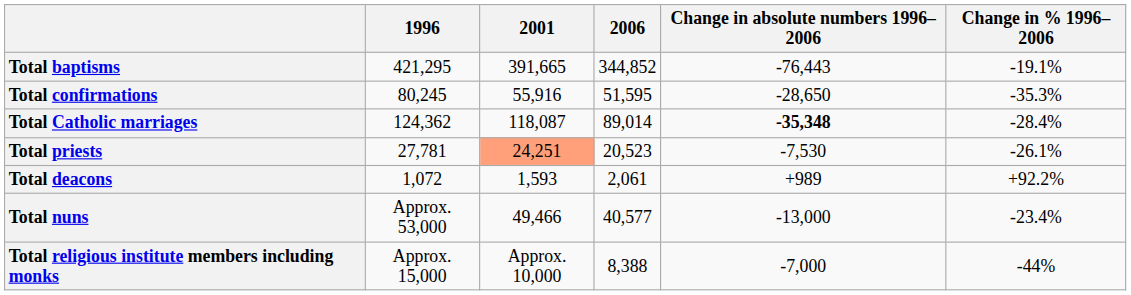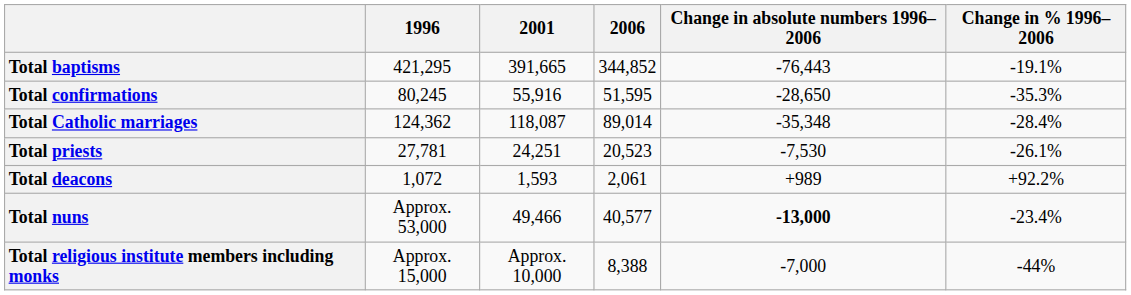 <table class="wikitable plainrowheaders" style="text-align:center; width:80%;">
 <tr>
 <th></th>
 <th>1996</th>
 <th>2001</th>
 <th>2006</th>
 <th>Change in absolute numbers 1996–2006</th>
 <th>Change in % 1996–2006</th>
 </tr>
 <tr>
 <th scope=row style="text-align:left">Total <a href='#'>baptisms</a></th>
 <td>421,295</td>
 <td>391,665</td>
 <td>344,852</td>
 <td>-76,443</td>
 <td>-19.1%</td>
 </tr>
 <tr>
 <th scope=row style="text-align:left">Total <a href='#'>confirmations</a></th>
 <td>80,245</td>
 <td>55,916</td>
 <td>51,595</td>
 <td>-28,650</td>
 <td>-35.3%</td>
 </tr>
 <tr>
 <th scope=row style="text-align:left">Total <a href='#'>Catholic marriages</a></th>
 <td>124,362</td>
 <td>118,087</td>
 <td>89,014</td>
-<td><strong>-35,348</strong></td>
+<td>-35,348</td>
 <td>-28.4%</td>
 </tr>
 <tr>
 <th scope=row style="text-align:left">Total <a href='#'>priests</a></th>
 <td>27,781</td>
-<td style="background: lightsalmon;">24,251</td>
+<td>24,251</td>
 <td>20,523</td>
 <td>-7,530</td>
 <td>-26.1%</td>
 </tr>
 <tr>
 <th scope=row style="text-align:left">Total <a href='#'>deacons</a></th>
 <td>1,072</td>
 <td>1,593</td>
 <td>2,061</td>
 <td>+989</td>
 <td>+92.2%</td>
 </tr>
 <tr>
 <th scope=row style="text-align:left">Total <a href='#'>nuns</a></th>
 <td>Approx. 53,000</td>
 <td>49,466</td>
 <td>40,577</td>
-<td>-13,000</td>
+<td><strong>-13,000</strong></td>
 <td>-23.4%</td>
 </tr>
 <tr>
 <th scope=row style="text-align:left">Total <a href='#'>religious institute</a> members including <a href='#'>monks</a></th>
 <td>Approx. 15,000</td>
 <td>Approx. 10,000</td>
 <td>8,388</td>
 <td>-7,000</td>
 <td>-44%</td>
 </tr>
 </table>
